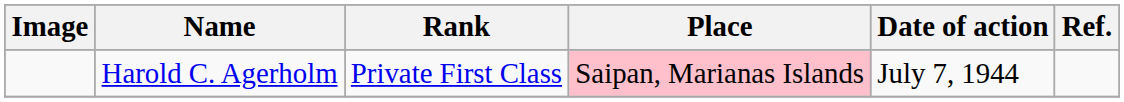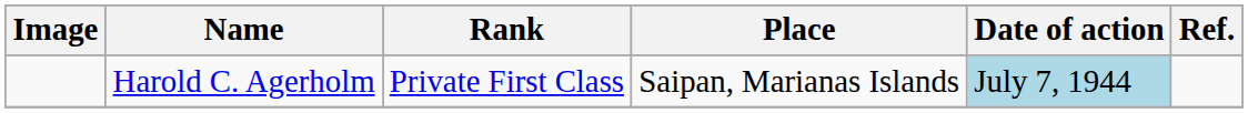 <table class="wikitable" style="text-align:left">
 <tr bgcolor="#CCCCCC">
 <th>Image</th>
 <th>Name</th>
 <th>Rank</th>
 <th>Place</th>
 <th>Date of action</th>
 <th>Ref.</th>
 </tr>
 <tr>
 <td></td>
 <td><a href='#'>Harold C. Agerholm</a></td>
 <td><a href='#'>Private First Class</a></td>
-<td style="background: pink;">Saipan, Marianas Islands</td>
-<td>July 7, 1944</td>
+<td>Saipan, Marianas Islands</td>
+<td style="background: lightblue;">July 7, 1944</td>
 <td></td>
 </tr>
 <tr>
 </tr>
 </table>
